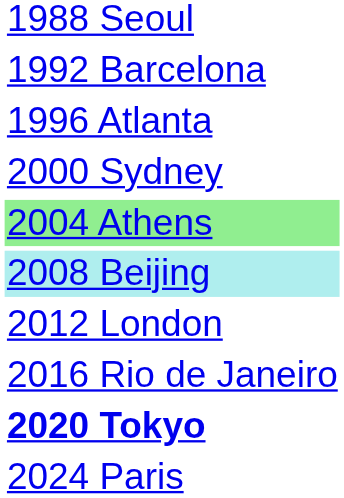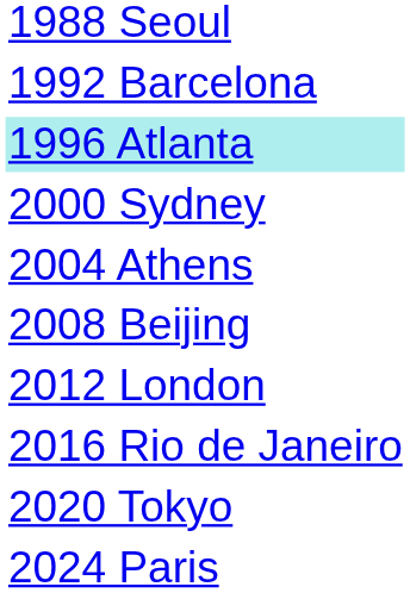 <table>
 <tr valign="top">
 <td rowspan=2><a href='#'>1988 Seoul</a><br></td>
 <td rowspan=2></td>
 <td rowspan=2></td>
 <td></td>
 </tr>
 <tr>
 <td></td>
 </tr>
 <tr>
 <td><a href='#'>1992 Barcelona</a><br></td>
 <td></td>
 <td></td>
 <td></td>
 </tr>
 <tr>
-<td><a href='#'>1996 Atlanta</a><br></td>
+<td style="background: paleturquoise;"><a href='#'>1996 Atlanta</a><br></td>
 <td></td>
 <td></td>
 <td></td>
 </tr>
 <tr>
 <td><a href='#'>2000 Sydney</a><br></td>
 <td></td>
 <td></td>
 <td></td>
 </tr>
 <tr>
-<td style="background: lightgreen;"><a href='#'>2004 Athens</a><br></td>
+<td><a href='#'>2004 Athens</a><br></td>
 <td></td>
 <td></td>
 <td></td>
 </tr>
 <tr>
-<td style="background: paleturquoise;"><a href='#'>2008 Beijing</a><br></td>
+<td><a href='#'>2008 Beijing</a><br></td>
 <td></td>
 <td></td>
 <td></td>
 </tr>
 <tr>
 <td><a href='#'>2012 London</a><br></td>
 <td></td>
 <td></td>
 <td></td>
 </tr>
 <tr>
 <td><a href='#'>2016 Rio de Janeiro</a><br></td>
 <td></td>
 <td></td>
 <td></td>
 </tr>
 <tr>
-<td><strong><a href='#'>2020 Tokyo</a><br></strong></td>
+<td><a href='#'>2020 Tokyo</a><br></td>
 <td></td>
 <td></td>
 <td></td>
 </tr>
 <tr>
 <td><a href='#'>2024 Paris</a><br></td>
 <td></td>
 <td></td>
 <td></td>
 </tr>
 <tr>
 </tr>
 </table>
